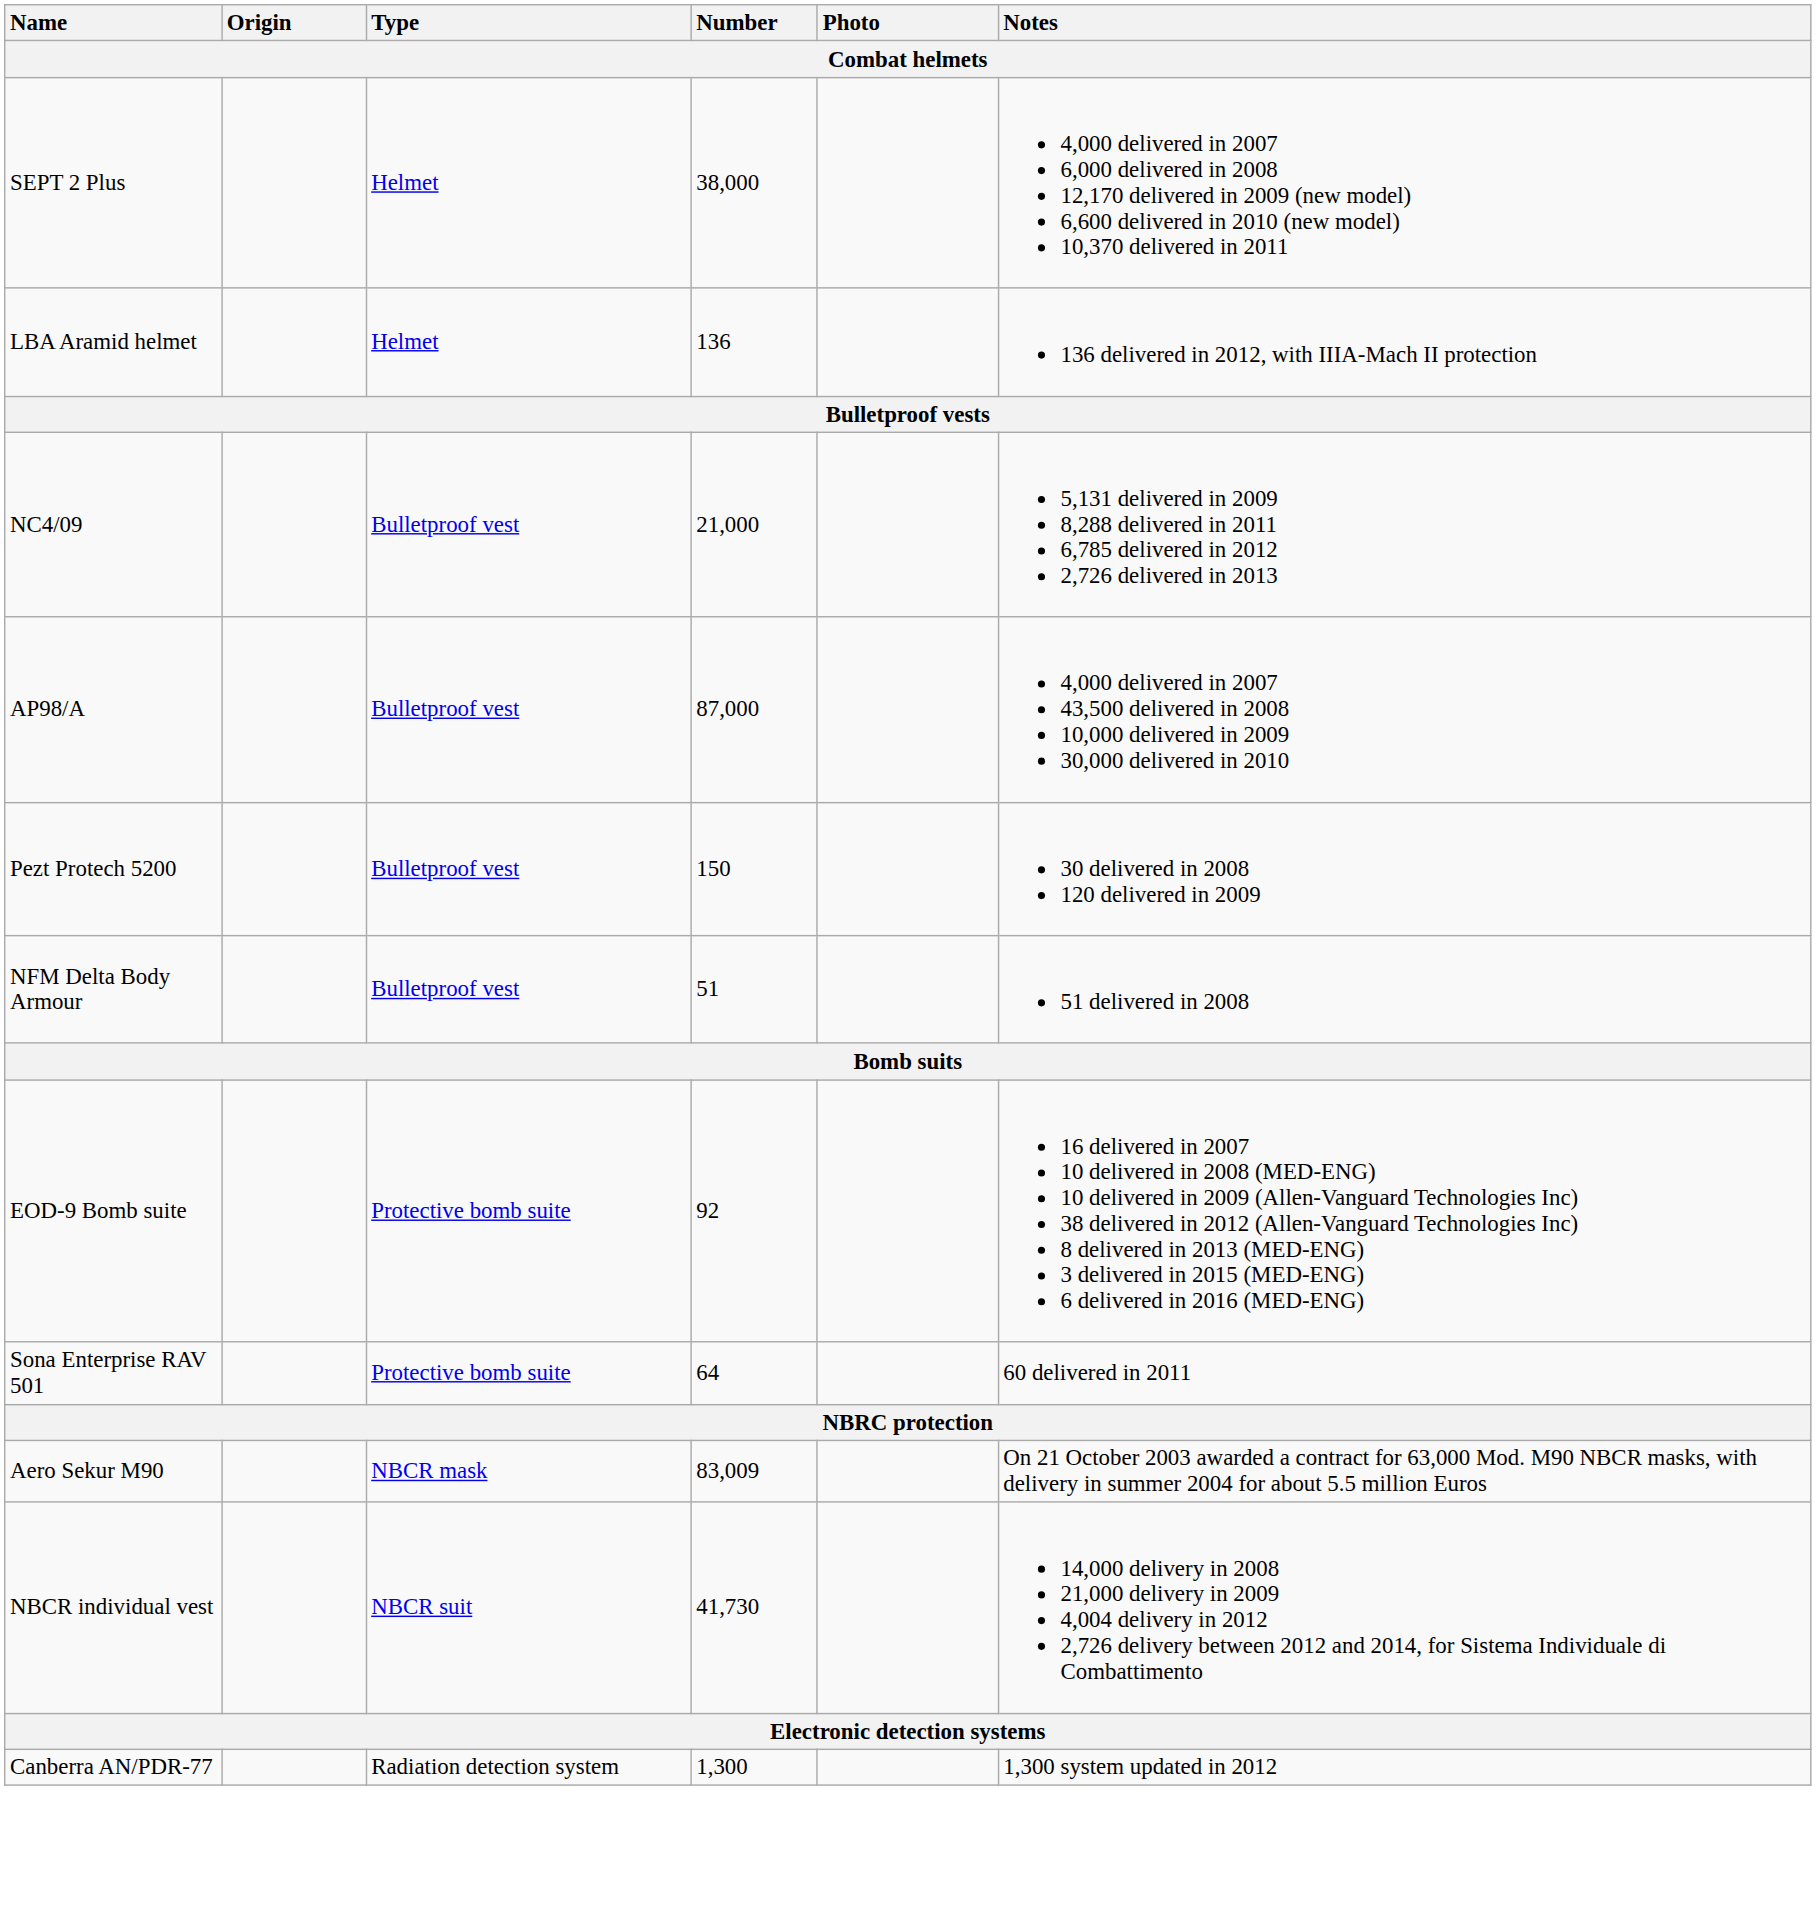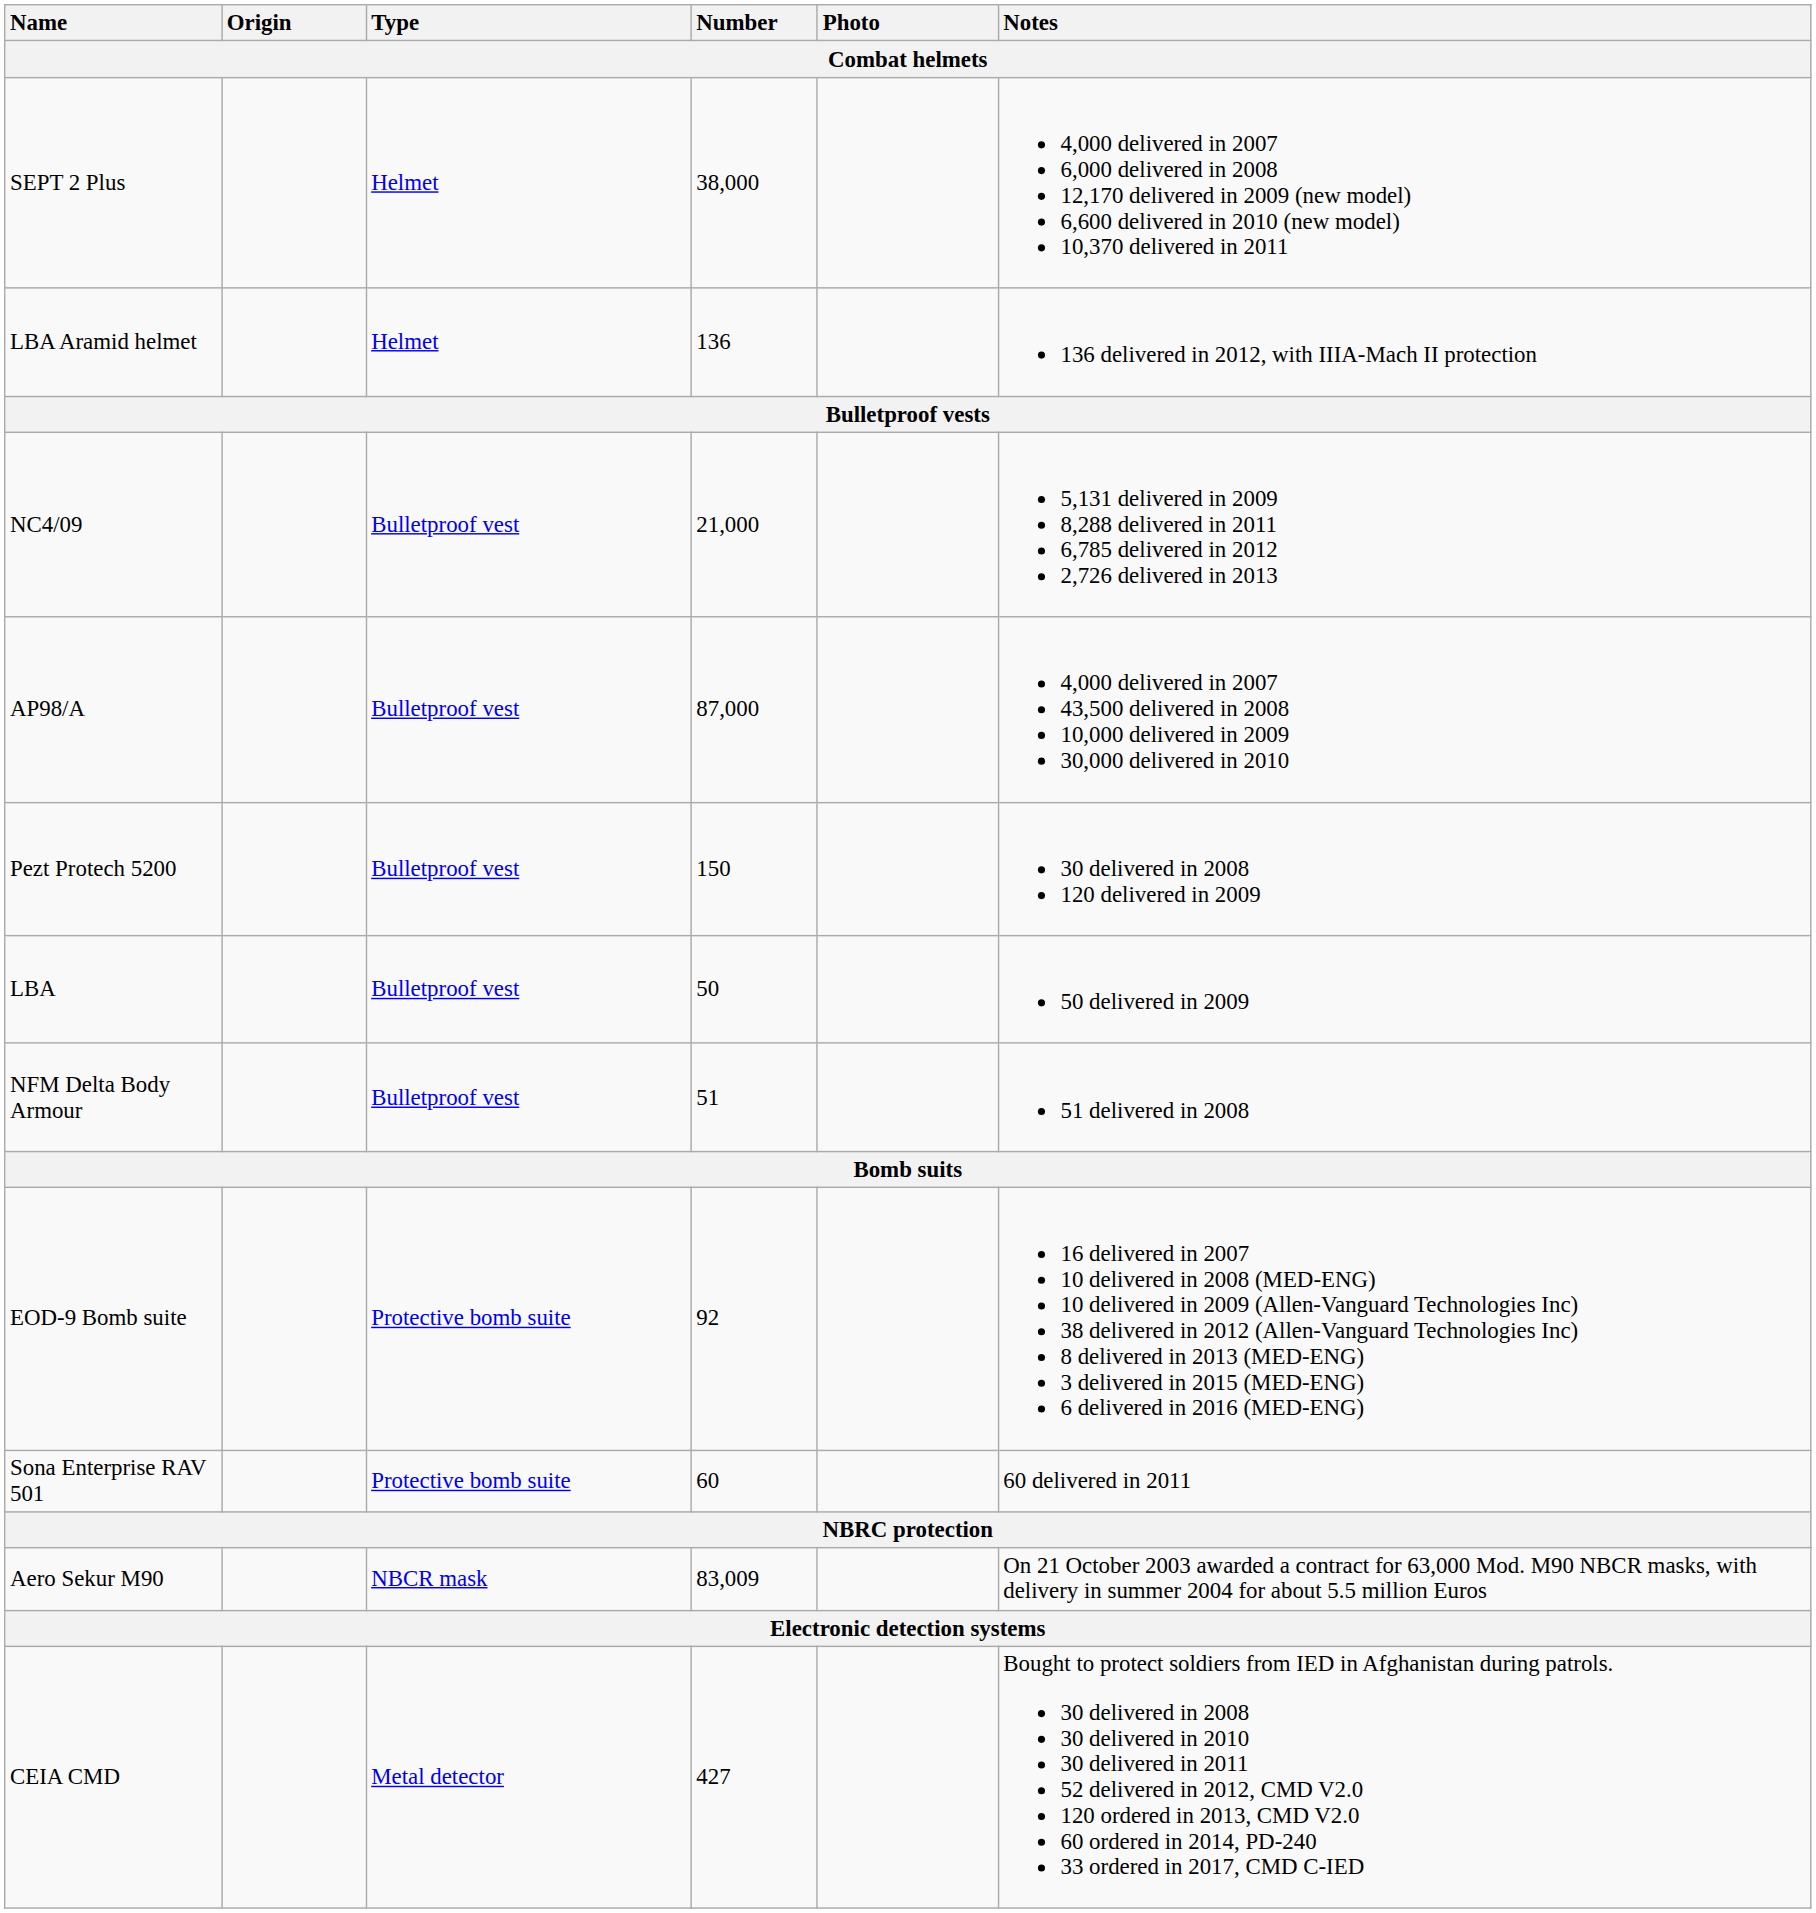 <table class="wikitable" style="margin:auto; width:100%;">
 <tr>
 <th style="text-align: left; width:12%;">Name</th>
 <th style="text-align: left; width:8%;">Origin</th>
 <th style="text-align: left; width:18%;">Type</th>
 <th style="text-align: left; width:7%;">Number</th>
 <th style="text-align: left; width:10%; ">Photo</th>
 <th style="text-align: left; width:45%;">Notes</th>
 </tr>
 <tr>
 <th colspan="6">Combat helmets</th>
 </tr>
 <tr>
 <td>SEPT 2 Plus</td>
 <td></td>
 <td><a href='#'>Helmet</a></td>
 <td>38,000</td>
 <td></td>
 <td><br><ul><li>4,000 delivered in 2007</li><li>6,000 delivered in 2008</li><li>12,170 delivered in 2009 (new model)</li><li>6,600 delivered in 2010 (new model)</li><li>10,370 delivered in 2011</li></ul></td>
 </tr>
 <tr>
 <td>LBA Aramid helmet</td>
 <td></td>
 <td><a href='#'>Helmet</a></td>
 <td>136</td>
 <td></td>
 <td><br><ul><li>136 delivered in 2012, with IIIA-Mach II protection</li></ul></td>
 </tr>
 <tr>
 <th colspan="6">Bulletproof vests</th>
 </tr>
 <tr>
 <td>NC4/09</td>
 <td></td>
 <td><a href='#'>Bulletproof vest</a></td>
 <td>21,000</td>
 <td></td>
 <td><br><ul><li>5,131 delivered in 2009</li><li>8,288 delivered in 2011</li><li>6,785 delivered in 2012</li><li>2,726 delivered in 2013</li></ul></td>
 </tr>
 <tr>
 <td>AP98/A</td>
 <td></td>
 <td><a href='#'>Bulletproof vest</a></td>
 <td>87,000</td>
 <td></td>
 <td><br><ul><li>4,000 delivered in 2007</li><li>43,500 delivered in 2008</li><li>10,000 delivered in 2009</li><li>30,000 delivered in 2010</li></ul></td>
 </tr>
 <tr>
 <td>Pezt Protech 5200</td>
 <td></td>
 <td><a href='#'>Bulletproof vest</a></td>
 <td>150</td>
 <td></td>
 <td><br><ul><li>30 delivered in 2008</li><li>120 delivered in 2009</li></ul></td>
 </tr>
 <tr>
+<td>LBA</td>
+<td></td>
+<td><a href='#'>Bulletproof vest</a></td>
+<td>50</td>
+<td></td>
+<td><br><ul><li>50 delivered in 2009</li></ul></td>
+</tr>
+<tr>
 <td>NFM Delta Body Armour</td>
 <td></td>
 <td><a href='#'>Bulletproof vest</a></td>
 <td>51</td>
 <td></td>
 <td><br><ul><li>51 delivered in 2008</li></ul></td>
 </tr>
 <tr>
 <th colspan="6">Bomb suits</th>
 </tr>
 <tr>
 <td>EOD-9 Bomb suite</td>
 <td></td>
 <td><a href='#'>Protective bomb suite</a></td>
 <td>92</td>
 <td></td>
 <td><br><ul><li>16 delivered in 2007</li><li>10 delivered in 2008 (MED-ENG)</li><li>10 delivered in 2009 (Allen-Vanguard Technologies Inc)</li><li>38 delivered in 2012 (Allen-Vanguard Technologies Inc)</li><li>8 delivered in 2013 (MED-ENG)</li><li>3 delivered in 2015 (MED-ENG)</li><li>6 delivered in 2016 (MED-ENG)</li></ul></td>
 </tr>
 <tr>
 <td>Sona Enterprise RAV 501</td>
 <td></td>
 <td><a href='#'>Protective bomb suite</a></td>
-<td>64</td>
+<td>60</td>
 <td></td>
 <td>60 delivered in 2011</td>
 </tr>
 <tr>
 <th colspan="6" style="align: center;">NBRC protection</th>
 </tr>
 <tr>
 <td>Aero Sekur M90</td>
 <td></td>
 <td><a href='#'>NBCR mask</a></td>
 <td>83,009</td>
 <td></td>
 <td>On 21 October 2003 awarded a contract for 63,000 Mod. M90 NBCR masks, with delivery in summer 2004 for about 5.5 million Euros</td>
 </tr>
 <tr>
-<td>NBCR individual vest</td>
-<td></td>
-<td><a href='#'>NBCR suit</a></td>
-<td>41,730</td>
-<td></td>
-<td><br><ul><li>14,000 delivery in 2008</li><li>21,000 delivery in 2009</li><li>4,004 delivery in 2012</li><li>2,726 delivery between 2012 and 2014, for Sistema Individuale di Combattimento</li></ul></td>
-</tr>
-<tr>
 <th colspan="6">Electronic detection systems</th>
 </tr>
 <tr>
-<td>Canberra AN/PDR-77</td>
+<td>CEIA CMD</td>
 <td></td>
-<td>Radiation detection system</td>
-<td>1,300</td>
+<td><a href='#'>Metal detector</a></td>
+<td>427</td>
 <td></td>
-<td>1,300 system updated in 2012 </td>
+<td>Bought to protect soldiers from IED in Afghanistan during patrols.<br><ul><li>30 delivered in 2008</li><li>30 delivered in 2010</li><li>30 delivered in 2011</li><li>52 delivered in 2012, CMD V2.0</li><li>120 ordered in 2013, CMD V2.0</li><li>60 ordered in 2014, PD-240</li><li>33 ordered in 2017, CMD C-IED</li></ul></td>
 </tr>
 </table>
